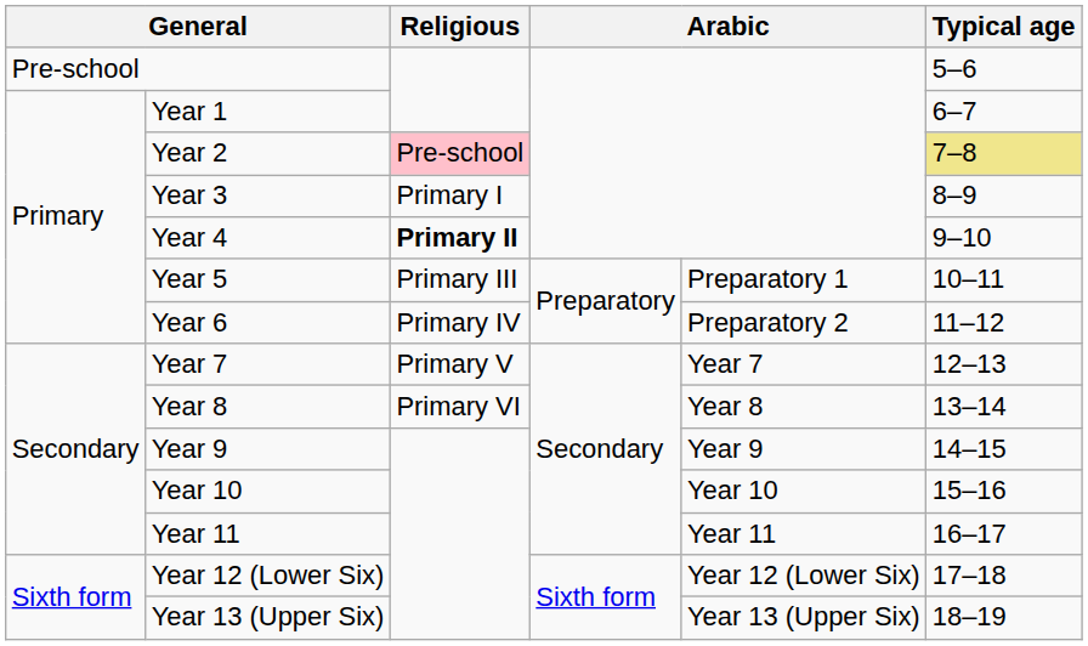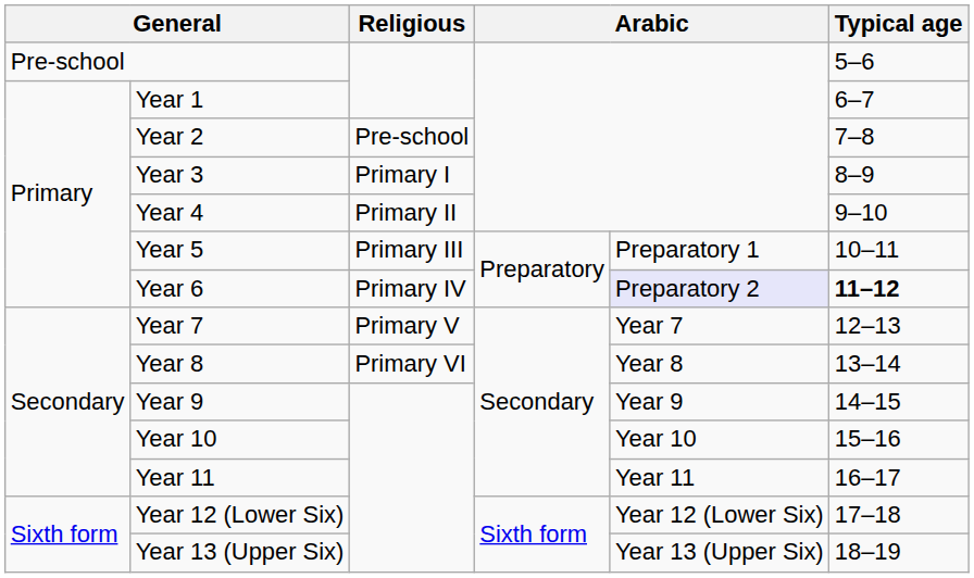 <table class="wikitable">
 <tr>
 <th colspan="2">General</th>
 <th>Religious</th>
 <th colspan="2">Arabic</th>
 <th>Typical age</th>
 </tr>
 <tr>
 <td colspan="2">Pre-school</td>
 <td rowspan="2"></td>
 <td colspan="2" rowspan="5"></td>
 <td>5–6</td>
 </tr>
 <tr>
 <td rowspan="6">Primary</td>
 <td>Year 1</td>
 <td>6–7</td>
 </tr>
 <tr>
 <td>Year 2</td>
-<td style="background: pink;">Pre-school</td>
-<td style="background: khaki;">7–8</td>
+<td>Pre-school</td>
+<td>7–8</td>
 </tr>
 <tr>
 <td>Year 3</td>
 <td>Primary I</td>
 <td>8–9</td>
 </tr>
 <tr>
 <td>Year 4</td>
-<td><strong>Primary II</strong></td>
+<td>Primary II</td>
 <td>9–10</td>
 </tr>
 <tr>
 <td>Year 5</td>
 <td>Primary III</td>
 <td rowspan="2">Preparatory</td>
 <td>Preparatory 1</td>
 <td>10–11</td>
 </tr>
 <tr>
 <td>Year 6</td>
 <td>Primary IV</td>
-<td>Preparatory 2</td>
-<td>11–12</td>
+<td style="background: lavender;">Preparatory 2</td>
+<td><strong>11–12</strong></td>
 </tr>
 <tr>
 <td rowspan="5">Secondary</td>
 <td>Year 7</td>
 <td>Primary V</td>
 <td rowspan="5">Secondary</td>
 <td>Year 7</td>
 <td>12–13</td>
 </tr>
 <tr>
 <td>Year 8</td>
 <td>Primary VI</td>
 <td>Year 8</td>
 <td>13–14</td>
 </tr>
 <tr>
 <td>Year 9</td>
 <td rowspan="5"></td>
 <td>Year 9</td>
 <td>14–15</td>
 </tr>
 <tr>
 <td>Year 10</td>
 <td>Year 10</td>
 <td>15–16</td>
 </tr>
 <tr>
 <td>Year 11</td>
 <td>Year 11</td>
 <td>16–17</td>
 </tr>
 <tr>
 <td rowspan="2"><a href='#'>Sixth form</a></td>
 <td>Year 12 (Lower Six)</td>
 <td rowspan="2"><a href='#'>Sixth form</a></td>
 <td>Year 12 (Lower Six)</td>
 <td>17–18</td>
 </tr>
 <tr>
 <td>Year 13 (Upper Six)</td>
 <td>Year 13 (Upper Six)</td>
 <td>18–19</td>
 </tr>
 </table>
